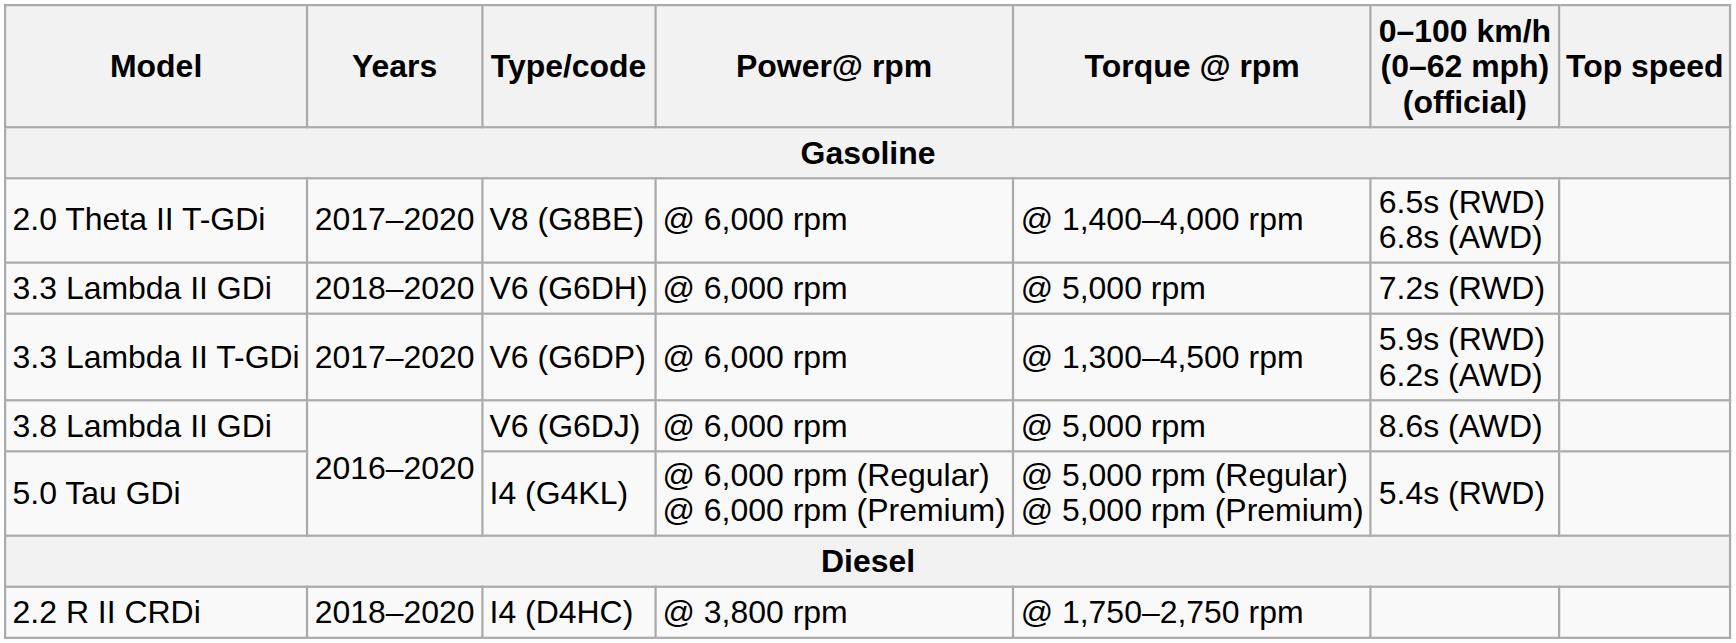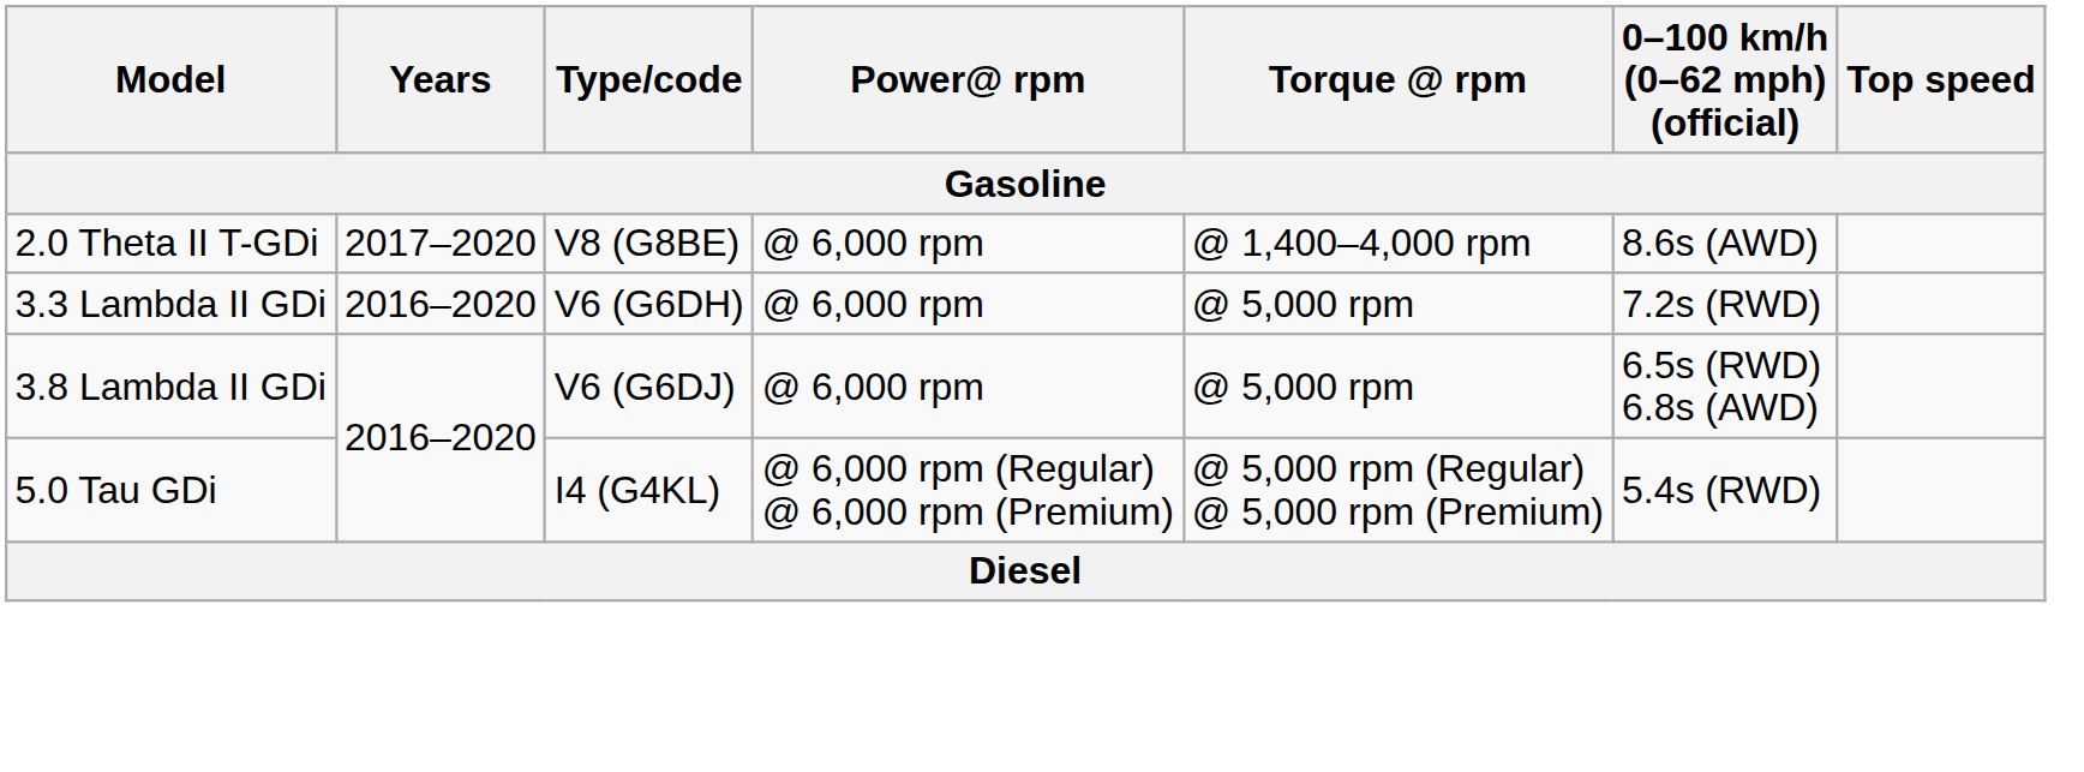 <table class="wikitable sortable collapsible" style="text-align:left; font-size:90%;">
 <tr>
 <th>Model</th>
 <th>Years</th>
 <th>Type/code</th>
 <th>Power@ rpm</th>
 <th>Torque @ rpm</th>
 <th>0–100 km/h<br>(0–62 mph)<br>(official)</th>
 <th>Top speed</th>
 </tr>
 <tr>
 <th colspan=7>Gasoline</th>
 </tr>
 <tr>
 <td>2.0 Theta II T-GDi</td>
 <td>2017–2020</td>
 <td> V8 (G8BE)</td>
 <td> @ 6,000 rpm</td>
 <td> @ 1,400–4,000 rpm</td>
-<td>6.5s (RWD)<br>6.8s (AWD)</td>
+<td>8.6s (AWD)</td>
 <td></td>
 </tr>
 <tr>
 <td>3.3 Lambda II GDi</td>
-<td>2018–2020</td>
+<td>2016–2020</td>
 <td> V6 (G6DH)</td>
 <td> @ 6,000 rpm</td>
 <td> @ 5,000 rpm</td>
 <td>7.2s (RWD)</td>
-<td></td>
-</tr>
-<tr>
-<td>3.3 Lambda II T-GDi</td>
-<td>2017–2020</td>
-<td> V6 (G6DP)</td>
-<td> @ 6,000 rpm</td>
-<td> @ 1,300–4,500 rpm</td>
-<td>5.9s (RWD)<br>6.2s (AWD)</td>
 <td></td>
 </tr>
 <tr>
 <td>3.8 Lambda II GDi</td>
 <td rowspan=2>2016–2020</td>
 <td> V6 (G6DJ)</td>
 <td> @ 6,000 rpm</td>
 <td> @ 5,000 rpm</td>
-<td>8.6s (AWD)</td>
+<td>6.5s (RWD)<br>6.8s (AWD)</td>
 <td></td>
 </tr>
 <tr>
 <td>5.0 Tau GDi</td>
 <td> I4 (G4KL)</td>
 <td> @ 6,000 rpm (Regular)<br> @ 6,000 rpm (Premium)</td>
 <td> @ 5,000 rpm (Regular)<br> @ 5,000 rpm (Premium)</td>
 <td>5.4s (RWD)</td>
 <td></td>
 </tr>
 <tr>
 <th colspan=7>Diesel</th>
 </tr>
-<tr>
-<td>2.2 R II CRDi</td>
-<td>2018–2020</td>
-<td> I4 (D4HC)</td>
-<td> @ 3,800 rpm</td>
-<td> @ 1,750–2,750 rpm</td>
-<td></td>
-<td></td>
-</tr>
 </table>
